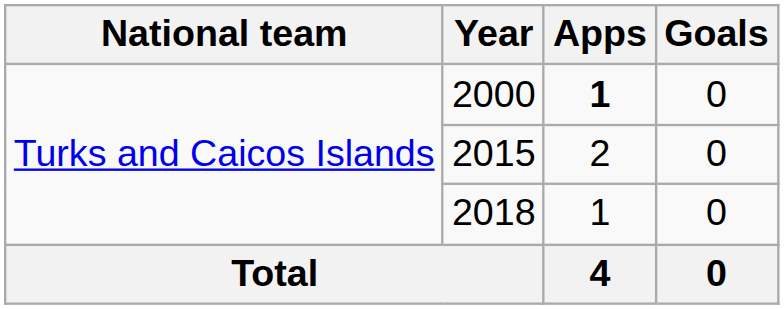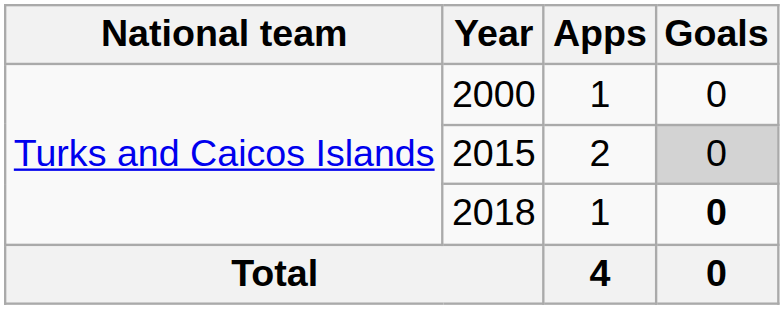 <table class="wikitable" style="text-align:center">
 <tr>
 <th>National team</th>
 <th>Year</th>
 <th>Apps</th>
 <th>Goals</th>
 </tr>
 <tr>
 <td rowspan="3"><a href='#'>Turks and Caicos Islands</a></td>
 <td>2000</td>
-<td><strong>1</strong></td>
+<td>1</td>
 <td>0</td>
 </tr>
 <tr>
 <td>2015</td>
 <td>2</td>
-<td>0</td>
+<td style="background: lightgrey;">0</td>
 </tr>
 <tr>
 <td>2018</td>
 <td>1</td>
-<td>0</td>
+<td><strong>0</strong></td>
 </tr>
 <tr>
 <th colspan=2>Total</th>
 <th>4</th>
 <th>0</th>
 </tr>
 </table>
